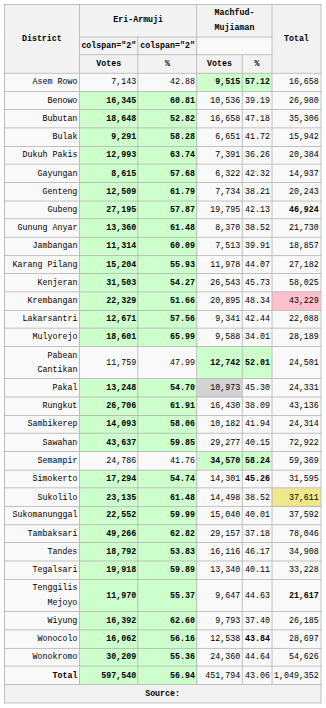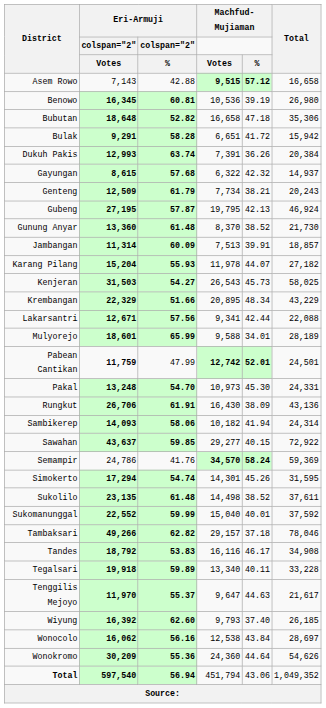 <table class="wikitable sortable" style="text-align:right; font-size:90%; line-height:20px;">
 <tr>
 <th rowspan="3" width="100">District</th>
 <th colspan="2" width="100">Eri-Armuji</th>
 <th colspan="2" width="100">Machfud-Mujiaman</th>
 <th rowspan="3">Total</th>
 </tr>
 <tr>
 <th>colspan="2" </th>
 <th>colspan="2" </th>
 </tr>
 <tr>
 <th>Votes</th>
 <th>%</th>
 <th>Votes</th>
 <th>%</th>
 </tr>
 <tr>
 <td>Asem Rowo</td>
 <td>   7,143</td>
 <td>42.88</td>
 <td style="background:#ccffcc"><strong>   9,515</strong></td>
 <td style="background:#ccffcc"><strong>57.12</strong></td>
 <td>16,658</td>
 </tr>
 <tr>
 <td>Benowo</td>
 <td style="background:#ccffcc"><strong>16,345</strong></td>
 <td style="background:#ccffcc"><strong>60.81</strong></td>
 <td>10,536</td>
 <td>39.19</td>
 <td>26,980</td>
 </tr>
 <tr>
 <td>Bubutan</td>
 <td style="background:#ccffcc"><strong>18,648</strong></td>
 <td style="background:#ccffcc"><strong>52.82</strong></td>
 <td>16,658</td>
 <td>47.18</td>
 <td>35,306</td>
 </tr>
 <tr>
 <td>Bulak</td>
 <td style="background:#ccffcc"><strong>   9,291</strong></td>
 <td style="background:#ccffcc"><strong>58.28</strong></td>
 <td>   6,651</td>
 <td>41.72</td>
 <td>15,942</td>
 </tr>
 <tr>
 <td>Dukuh Pakis</td>
 <td style="background:#ccffcc"><strong>12,993</strong></td>
 <td style="background:#ccffcc"><strong>63.74</strong></td>
 <td>   7,391</td>
 <td>36.26</td>
 <td>20,384</td>
 </tr>
 <tr>
 <td>Gayungan</td>
 <td style="background:#ccffcc"><strong>   8,615</strong></td>
 <td style="background:#ccffcc"><strong>57.68</strong></td>
 <td>   6,322</td>
 <td>42.32</td>
 <td>14,937</td>
 </tr>
 <tr>
 <td>Genteng</td>
 <td style="background:#ccffcc"><strong>12,509</strong></td>
 <td style="background:#ccffcc"><strong>61.79</strong></td>
 <td>   7,734</td>
 <td>38.21</td>
 <td>20,243</td>
 </tr>
 <tr>
 <td>Gubeng</td>
 <td style="background:#ccffcc"><strong>27,195</strong></td>
 <td style="background:#ccffcc"><strong>57.87</strong></td>
 <td>19,795</td>
 <td>42.13</td>
-<td><strong>46,924</strong></td>
+<td>46,924</td>
 </tr>
 <tr>
 <td>Gunung Anyar</td>
 <td style="background:#ccffcc"><strong>13,360</strong></td>
 <td style="background:#ccffcc"><strong>61.48</strong></td>
 <td>   8,370</td>
 <td>38.52</td>
 <td>21,730</td>
 </tr>
 <tr>
 <td>Jambangan</td>
 <td style="background:#ccffcc"><strong>11,314</strong></td>
 <td style="background:#ccffcc"><strong>60.09</strong></td>
 <td>   7,513</td>
 <td>39.91</td>
 <td>18,857</td>
 </tr>
 <tr>
 <td>Karang Pilang</td>
 <td style="background:#ccffcc"><strong>15,204</strong></td>
 <td style="background:#ccffcc"><strong>55.93</strong></td>
 <td>11,978</td>
 <td>44.07</td>
 <td>27,182</td>
 </tr>
 <tr>
 <td>Kenjeran</td>
 <td style="background:#ccffcc"><strong>31,503</strong></td>
 <td style="background:#ccffcc"><strong>54.27</strong></td>
 <td>26,543</td>
 <td>45.73</td>
 <td>58,025</td>
 </tr>
 <tr>
 <td>Krembangan</td>
 <td style="background:#ccffcc"><strong>22,329</strong></td>
 <td style="background:#ccffcc"><strong>51.66</strong></td>
 <td>20,895</td>
 <td>48.34</td>
-<td style="background: pink;">43,229</td>
+<td>43,229</td>
 </tr>
 <tr>
 <td>Lakarsantri</td>
 <td style="background:#ccffcc"><strong>12,671</strong></td>
 <td style="background:#ccffcc"><strong>57.56</strong></td>
 <td>   9,341</td>
 <td>42.44</td>
 <td>22,088</td>
 </tr>
 <tr>
 <td>Mulyorejo</td>
 <td style="background:#ccffcc"><strong>18,601</strong></td>
 <td style="background:#ccffcc"><strong>65.99</strong></td>
 <td>   9,588</td>
 <td>34.01</td>
 <td>28,189</td>
 </tr>
 <tr>
 <td>Pabean Cantikan</td>
-<td>11,759</td>
+<td><strong>11,759</strong></td>
 <td>47.99</td>
 <td style="background:#ccffcc"><strong>12,742</strong></td>
 <td style="background:#ccffcc"><strong>52.01</strong></td>
 <td>24,501</td>
 </tr>
 <tr>
 <td>Pakal</td>
 <td style="background:#ccffcc"><strong>13,248</strong></td>
 <td style="background:#ccffcc"><strong>54.70</strong></td>
-<td style="background: lightgrey;">10,973</td>
+<td>10,973</td>
 <td>45.30</td>
 <td>24,331</td>
 </tr>
 <tr>
 <td>Rungkut</td>
 <td style="background:#ccffcc"><strong>26,706</strong></td>
 <td style="background:#ccffcc"><strong>61.91</strong></td>
 <td>16,430</td>
 <td>38.09</td>
 <td>43,136</td>
 </tr>
 <tr>
 <td>Sambikerep</td>
 <td style="background:#ccffcc"><strong>14,093</strong></td>
 <td style="background:#ccffcc"><strong>58.06</strong></td>
 <td>10,182</td>
 <td>41.94</td>
 <td>24,314</td>
 </tr>
 <tr>
 <td>Sawahan</td>
 <td style="background:#ccffcc"><strong>43,637</strong></td>
 <td style="background:#ccffcc"><strong>59.85</strong></td>
 <td>29,277</td>
 <td>40.15</td>
 <td>72,922</td>
 </tr>
 <tr>
 <td>Semampir</td>
 <td>24,786</td>
 <td>41.76</td>
 <td style="background:#ccffcc"><strong>34,570</strong></td>
 <td style="background:#ccffcc"><strong>58.24</strong></td>
 <td>59,369</td>
 </tr>
 <tr>
 <td>Simokerto</td>
 <td style="background:#ccffcc"><strong>17,294</strong></td>
 <td style="background:#ccffcc"><strong>54.74</strong></td>
 <td>14,301</td>
-<td><strong>45.26</strong></td>
+<td>45.26</td>
 <td>31,595</td>
 </tr>
 <tr>
 <td>Sukolilo</td>
 <td style="background:#ccffcc"><strong>23,135</strong></td>
 <td style="background:#ccffcc"><strong>61.48</strong></td>
 <td>14,498</td>
 <td>38.52</td>
-<td style="background: khaki;">37,611</td>
+<td>37,611</td>
 </tr>
 <tr>
 <td>Sukomanunggal</td>
 <td style="background:#ccffcc"><strong>22,552</strong></td>
 <td style="background:#ccffcc"><strong>59.99</strong></td>
 <td>15,040</td>
 <td>40.01</td>
 <td>37,592</td>
 </tr>
 <tr>
 <td>Tambaksari</td>
 <td style="background:#ccffcc"><strong>49,266</strong></td>
 <td style="background:#ccffcc"><strong>62.82</strong></td>
 <td>29,157</td>
 <td>37.18</td>
 <td>78,046</td>
 </tr>
 <tr>
 <td>Tandes</td>
 <td style="background:#ccffcc"><strong>18,792</strong></td>
 <td style="background:#ccffcc"><strong>53.83</strong></td>
 <td>16,116</td>
 <td>46.17</td>
 <td>34,908</td>
 </tr>
 <tr>
 <td>Tegalsari</td>
 <td style="background:#ccffcc"><strong>19,918</strong></td>
 <td style="background:#ccffcc"><strong>59.89</strong></td>
 <td>13,340</td>
 <td>40.11</td>
 <td>33,228</td>
 </tr>
 <tr>
 <td>Tenggilis Mejoyo</td>
 <td style="background:#ccffcc"><strong>11,970</strong></td>
 <td style="background:#ccffcc"><strong>55.37</strong></td>
 <td>   9,647</td>
 <td>44.63</td>
-<td><strong>21,617</strong></td>
+<td>21,617</td>
 </tr>
 <tr>
 <td>Wiyung</td>
 <td style="background:#ccffcc"><strong>16,392</strong></td>
 <td style="background:#ccffcc"><strong>62.60</strong></td>
 <td>   9,793</td>
 <td>37.40</td>
 <td>26,185</td>
 </tr>
 <tr>
 <td>Wonocolo</td>
 <td style="background:#ccffcc"><strong>16,062</strong></td>
 <td style="background:#ccffcc"><strong>56.16</strong></td>
 <td>12,538</td>
-<td><strong>43.84</strong></td>
+<td>43.84</td>
 <td>28,697</td>
 </tr>
 <tr>
 <td>Wonokromo</td>
 <td style="background:#ccffcc"><strong>30,209</strong></td>
 <td style="background:#ccffcc"><strong>55.36</strong></td>
 <td>24,360</td>
 <td>44.64</td>
 <td>54,626</td>
 </tr>
 <tr>
 <td><strong>Total</strong></td>
 <td style="background:#ccffcc"><strong>597,540</strong></td>
 <td style="background:#ccffcc"><strong>56.94</strong></td>
 <td>451,794</td>
 <td>43.06</td>
 <td>1,049,352</td>
 </tr>
 <tr>
 <th colspan="6">Source: </th>
 </tr>
 </table>
